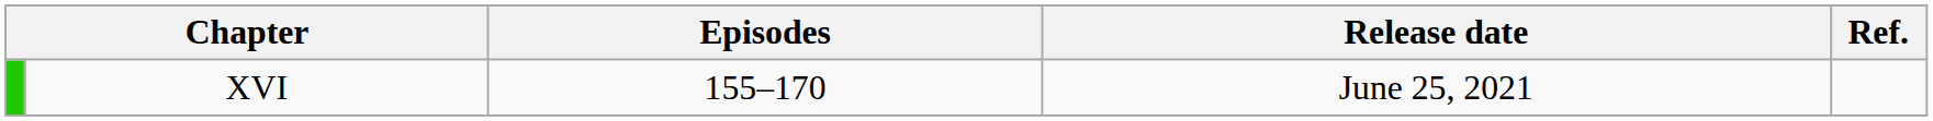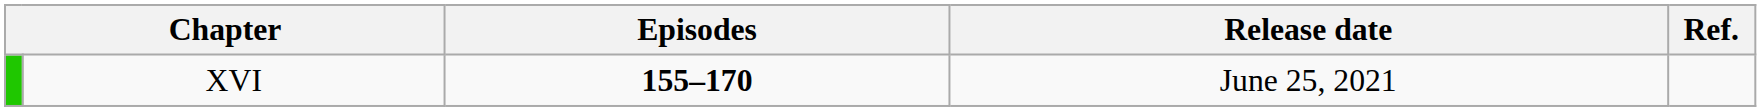 <table class="wikitable" style="text-align: center; width: 70%;">
 <tr>
 <th colspan="2">Chapter</th>
 <th>Episodes</th>
 <th>Release date</th>
 <th width="5%">Ref.</th>
 </tr>
 <tr>
 <td rowspan="10" width="1%" style="background: #1FC700;"></td>
 <td>XVI</td>
-<td>155–170</td>
+<td><strong>155–170</strong></td>
 <td>June 25, 2021</td>
 <td></td>
 </tr>
 </table>
